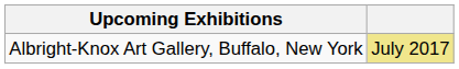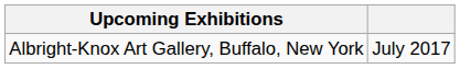 <table class="wikitable">
 <tr>
 <th>Upcoming Exhibitions</th>
 <th></th>
 </tr>
 <tr>
 <td>Albright-Knox Art Gallery, Buffalo, New York</td>
-<td style="background: khaki;">July 2017</td>
+<td>July 2017</td>
 </tr>
 </table>
